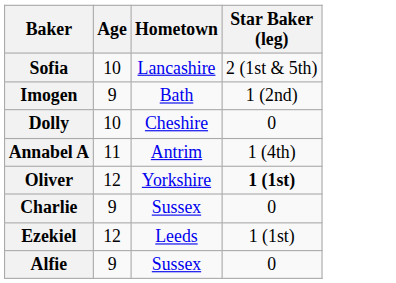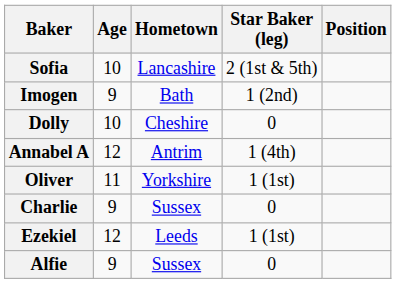 <table class="wikitable sortable" style="display:inline-table; text-align:center">
 <tr>
 <th scope="col">Baker</th>
 <th scope="col">Age</th>
 <th scope="col">Hometown</th>
 <th scope="col">Star Baker<br>(leg)</th>
+<th scope="col">Position</th>
 </tr>
 <tr>
 <th scope="row">Sofia</th>
 <td>10</td>
 <td><a href='#'>Lancashire</a></td>
 <td>2 (1st & 5th)</td>
+<td></td>
 </tr>
 <tr>
 <th scope="row">Imogen</th>
 <td>9</td>
 <td><a href='#'>Bath</a></td>
 <td>1 (2nd)</td>
+<td></td>
 </tr>
 <tr>
 <th scope="row">Dolly</th>
 <td>10</td>
 <td><a href='#'>Cheshire</a></td>
 <td>0</td>
+<td></td>
 </tr>
 <tr>
 <th scope="row">Annabel A</th>
-<td>11</td>
+<td>12</td>
 <td><a href='#'>Antrim</a></td>
 <td>1 (4th)</td>
+<td></td>
 </tr>
 <tr>
 <th scope="row">Oliver</th>
-<td>12</td>
+<td>11</td>
 <td><a href='#'>Yorkshire</a></td>
-<td><strong>1 (1st)</strong></td>
+<td>1 (1st)</td>
+<td></td>
 </tr>
 <tr>
 <th scope="row">Charlie</th>
 <td>9</td>
 <td><a href='#'>Sussex</a></td>
 <td>0</td>
+<td></td>
 </tr>
 <tr>
 <th scope="row">Ezekiel</th>
 <td>12</td>
 <td><a href='#'>Leeds</a></td>
 <td>1 (1st)</td>
+<td></td>
 </tr>
 <tr>
 <th scope="row">Alfie</th>
 <td>9</td>
 <td><a href='#'>Sussex</a></td>
 <td>0</td>
+<td></td>
 </tr>
 </table>
